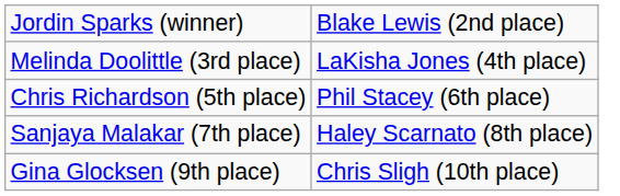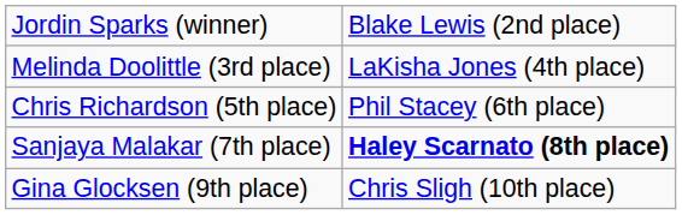 <table class="wikitable" align="center">
 <tr>
 <td><a href='#'>Jordin Sparks</a> (winner)</td>
 <td><a href='#'>Blake Lewis</a> (2nd place)</td>
 </tr>
 <tr>
 <td><a href='#'>Melinda Doolittle</a> (3rd place)</td>
 <td><a href='#'>LaKisha Jones</a> (4th place)</td>
 </tr>
 <tr>
 <td><a href='#'>Chris Richardson</a> (5th place)</td>
 <td><a href='#'>Phil Stacey</a> (6th place)</td>
 </tr>
 <tr>
 <td><a href='#'>Sanjaya Malakar</a> (7th place)</td>
-<td><a href='#'>Haley Scarnato</a> (8th place)</td>
+<td><strong><a href='#'>Haley Scarnato</a> (8th place)</strong></td>
 </tr>
 <tr>
 <td><a href='#'>Gina Glocksen</a> (9th place)</td>
 <td><a href='#'>Chris Sligh</a> (10th place)</td>
 </tr>
 </table>
